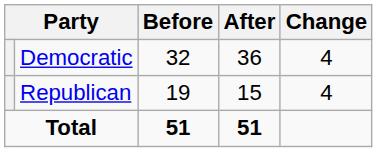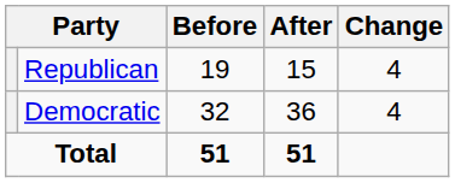 <table class="wikitable" style="text-align:center;">
 <tr>
 <th colspan="2">Party</th>
 <th>Before</th>
 <th>After</th>
 <th>Change</th>
 </tr>
 <tr>
 <th style="background-color:"></th>
-<td style="text-align:left;"><a href='#'>Democratic</a></td>
-<td>32</td>
-<td>36</td>
+<td style="text-align:left;"><a href='#'>Republican</a></td>
+<td>19</td>
+<td>15</td>
 <td> 4</td>
 </tr>
 <tr>
 <th style="background-color:"></th>
-<td style="text-align:left;"><a href='#'>Republican</a></td>
-<td>19</td>
-<td>15</td>
+<td style="text-align:left;"><a href='#'>Democratic</a></td>
+<td>32</td>
+<td>36</td>
 <td> 4</td>
 </tr>
 <tr>
 <td colspan="2"><strong>Total</strong></td>
 <td><strong>51</strong></td>
 <td><strong>51</strong></td>
 <td></td>
 </tr>
 </table>
